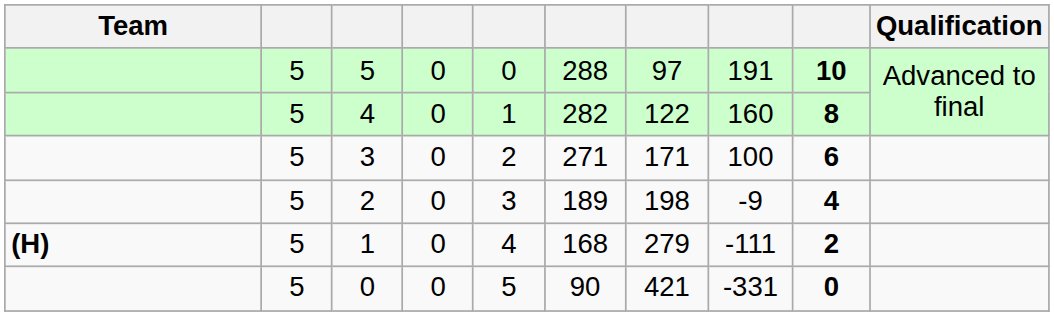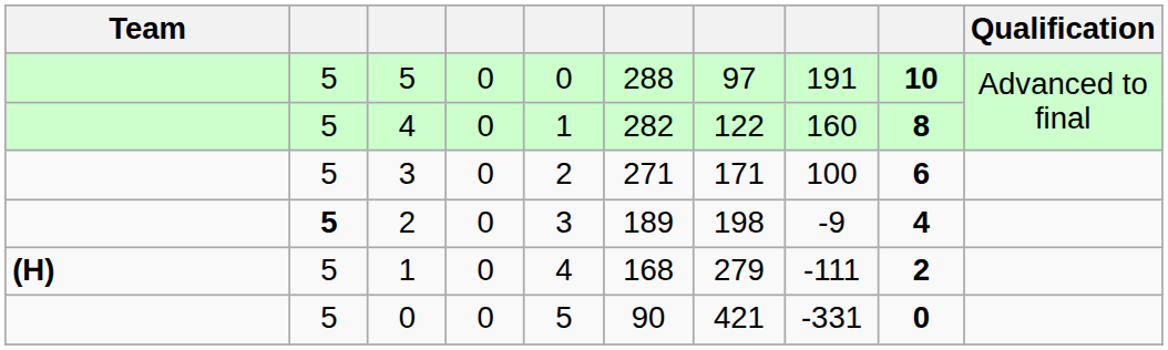 <table class=wikitable style="text-align: center;">
 <tr>
 <th style="width: 12.5em;" scope="col">Team</th>
 <th style="width: 3em;" scope="col"></th>
 <th style="width: 3em;" scope="col"></th>
 <th style="width: 3em;" scope="col"></th>
 <th style="width: 3em;" scope="col"></th>
 <th style="width: 3em;" scope="col"></th>
 <th style="width: 3em;" scope="col"></th>
 <th style="width: 3em;" scope="col"></th>
 <th style="width: 3em;" scope="col"></th>
 <th scope="col">Qualification</th>
 </tr>
 <tr style="background-color: #CCFFCC;">
 <td style="text-align: left;"></td>
 <td>5</td>
 <td>5</td>
 <td>0</td>
 <td>0</td>
 <td>288</td>
 <td>97</td>
 <td>191</td>
 <td><strong>10</strong></td>
 <td rowspan="2">Advanced to final</td>
 </tr>
 <tr style="background-color: #CCFFCC;">
 <td style="text-align: left;"></td>
 <td>5</td>
 <td>4</td>
 <td>0</td>
 <td>1</td>
 <td>282</td>
 <td>122</td>
 <td>160</td>
 <td><strong>8</strong></td>
 </tr>
 <tr>
 <td style="text-align: left;"></td>
 <td>5</td>
 <td>3</td>
 <td>0</td>
 <td>2</td>
 <td>271</td>
 <td>171</td>
 <td>100</td>
 <td><strong>6</strong></td>
 <td></td>
 </tr>
 <tr>
 <td style="text-align: left;"></td>
-<td>5</td>
+<td><strong>5</strong></td>
 <td>2</td>
 <td>0</td>
 <td>3</td>
 <td>189</td>
 <td>198</td>
 <td>-9</td>
 <td><strong>4</strong></td>
 <td></td>
 </tr>
 <tr>
 <td style="text-align: left;"> <strong>(H)</strong></td>
 <td>5</td>
 <td>1</td>
 <td>0</td>
 <td>4</td>
 <td>168</td>
 <td>279</td>
 <td>-111</td>
 <td><strong>2</strong></td>
 <td></td>
 </tr>
 <tr>
 <td style="text-align: left;"></td>
 <td>5</td>
 <td>0</td>
 <td>0</td>
 <td>5</td>
 <td>90</td>
 <td>421</td>
 <td>-331</td>
 <td><strong>0</strong></td>
 <td></td>
 </tr>
 </table>
